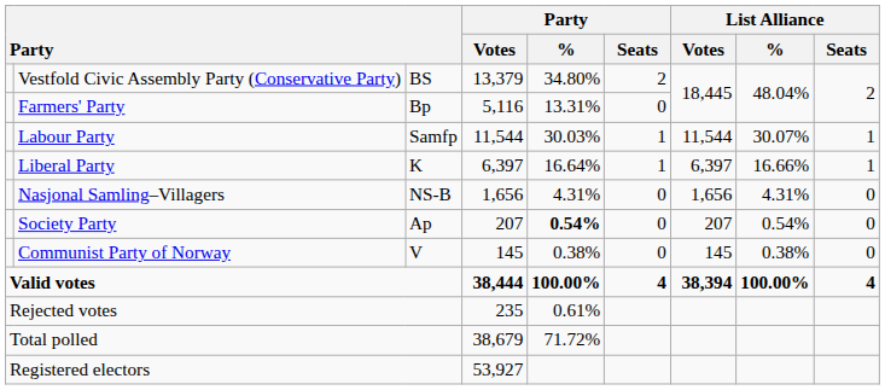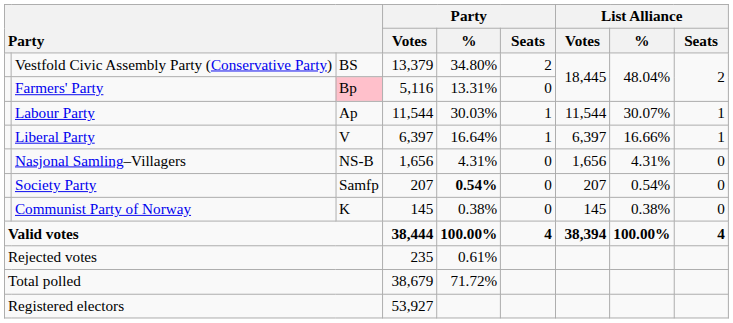 <table class="wikitable" border="1" style="text-align:right;">
 <tr>
 <th style="text-align:left;" valign=bottom rowspan=2 colspan=3>Party</th>
 <th colspan=3>Party</th>
 <th colspan=3>List Alliance</th>
 </tr>
 <tr>
 <th align=center valign=bottom width="50">Votes</th>
 <th align=center valign=bottom width="50">%</th>
 <th align=center valign=bottom width="50">Seats</th>
 <th align=center valign=bottom width="50">Votes</th>
 <th align=center valign=bottom width="50">%</th>
 <th align=center valign=bottom width="50">Seats</th>
 </tr>
 <tr>
 <td></td>
 <td align=left>Vestfold Civic Assembly Party (<a href='#'>Conservative Party</a>)</td>
 <td align=left>BS</td>
 <td>13,379</td>
 <td>34.80%</td>
 <td>2</td>
 <td rowspan=2>18,445</td>
 <td rowspan=2>48.04%</td>
 <td rowspan=2>2</td>
 </tr>
 <tr>
 <td style="color:inherit;background:"></td>
 <td align=left><a href='#'>Farmers' Party</a></td>
-<td align=left>Bp</td>
+<td align=left style="background: pink;">Bp</td>
 <td>5,116</td>
 <td>13.31%</td>
 <td>0</td>
 </tr>
 <tr>
 <td style="color:inherit;background:"></td>
 <td align=left><a href='#'>Labour Party</a></td>
-<td align=left>Samfp</td>
+<td align=left>Ap</td>
 <td>11,544</td>
 <td>30.03%</td>
 <td>1</td>
 <td>11,544</td>
 <td>30.07%</td>
 <td>1</td>
 </tr>
 <tr>
 <td style="color:inherit;background:"></td>
 <td align=left><a href='#'>Liberal Party</a></td>
-<td align=left>K</td>
+<td align=left>V</td>
 <td>6,397</td>
 <td>16.64%</td>
 <td>1</td>
 <td>6,397</td>
 <td>16.66%</td>
 <td>1</td>
 </tr>
 <tr>
 <td></td>
 <td align=left><a href='#'>Nasjonal Samling</a>–Villagers</td>
 <td align=left>NS-B</td>
 <td>1,656</td>
 <td>4.31%</td>
 <td>0</td>
 <td>1,656</td>
 <td>4.31%</td>
 <td>0</td>
 </tr>
 <tr>
 <td></td>
 <td align=left><a href='#'>Society Party</a></td>
-<td align=left>Ap</td>
+<td align=left>Samfp</td>
 <td>207</td>
 <td><strong>0.54%</strong></td>
 <td>0</td>
 <td>207</td>
 <td>0.54%</td>
 <td>0</td>
 </tr>
 <tr>
 <td style="color:inherit;background:"></td>
 <td align=left><a href='#'>Communist Party of Norway</a></td>
-<td align=left>V</td>
+<td align=left>K</td>
 <td>145</td>
 <td>0.38%</td>
 <td>0</td>
 <td>145</td>
 <td>0.38%</td>
 <td>0</td>
 </tr>
 <tr style="font-weight:bold">
 <td align=left colspan=3>Valid votes</td>
 <td>38,444</td>
 <td>100.00%</td>
 <td>4</td>
 <td>38,394</td>
 <td>100.00%</td>
 <td>4</td>
 </tr>
 <tr>
 <td align=left colspan=3>Rejected votes</td>
 <td>235</td>
 <td>0.61%</td>
 <td></td>
 <td></td>
 <td></td>
 <td></td>
 </tr>
 <tr>
 <td align=left colspan=3>Total polled</td>
 <td>38,679</td>
 <td>71.72%</td>
 <td></td>
 <td></td>
 <td></td>
 <td></td>
 </tr>
 <tr>
 <td align=left colspan=3>Registered electors</td>
 <td>53,927</td>
 <td></td>
 <td></td>
 <td></td>
 <td></td>
 <td></td>
 </tr>
 </table>
